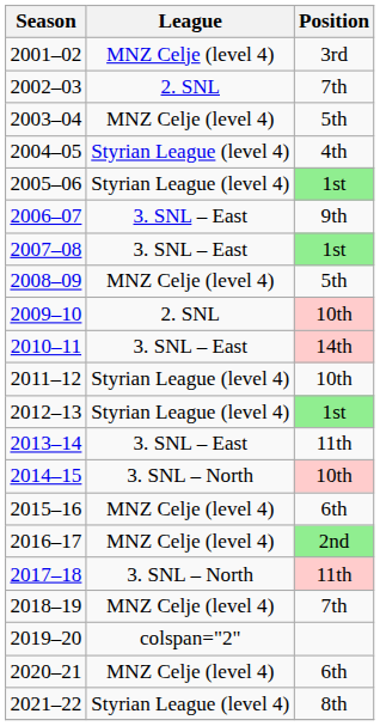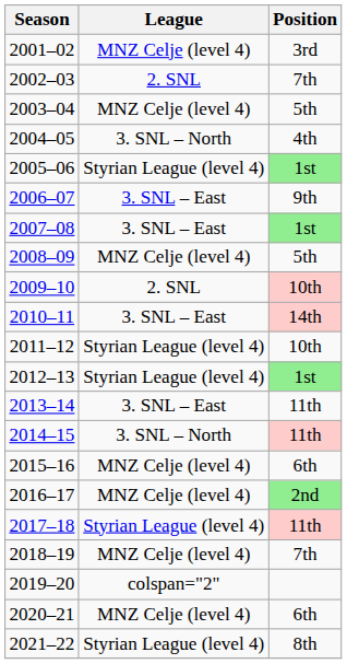 <table class="wikitable" style="text-align: center">
 <tr>
 <th>Season</th>
 <th>League</th>
 <th>Position</th>
 </tr>
 <tr>
 <td>2001–02</td>
 <td><a href='#'>MNZ Celje</a> (level 4)</td>
 <td>3rd</td>
 </tr>
 <tr>
 <td>2002–03</td>
 <td><a href='#'>2. SNL</a></td>
 <td>7th</td>
 </tr>
 <tr>
 <td>2003–04</td>
 <td>MNZ Celje (level 4)</td>
 <td>5th</td>
 </tr>
 <tr>
 <td>2004–05</td>
-<td><a href='#'>Styrian League</a> (level 4)</td>
+<td>3. SNL – North</td>
 <td>4th</td>
 </tr>
 <tr>
 <td>2005–06</td>
 <td>Styrian League (level 4)</td>
 <td style="background: #90EE90;">1st</td>
 </tr>
 <tr>
 <td><a href='#'>2006–07</a></td>
 <td><a href='#'>3. SNL</a> – East</td>
 <td>9th</td>
 </tr>
 <tr>
 <td><a href='#'>2007–08</a></td>
 <td>3. SNL – East</td>
 <td style="background: #90EE90;">1st</td>
 </tr>
 <tr>
 <td><a href='#'>2008–09</a></td>
 <td>MNZ Celje (level 4)</td>
 <td>5th</td>
 </tr>
 <tr>
 <td><a href='#'>2009–10</a></td>
 <td>2. SNL</td>
 <td style="background: #FFCCCC;">10th</td>
 </tr>
 <tr>
 <td><a href='#'>2010–11</a></td>
 <td>3. SNL – East</td>
 <td style="background: #FFCCCC;">14th</td>
 </tr>
 <tr>
 <td>2011–12</td>
 <td>Styrian League (level 4)</td>
 <td>10th</td>
 </tr>
 <tr>
 <td>2012–13</td>
 <td>Styrian League (level 4)</td>
 <td style="background: #90EE90;">1st</td>
 </tr>
 <tr>
 <td><a href='#'>2013–14</a></td>
 <td>3. SNL – East</td>
 <td>11th</td>
 </tr>
 <tr>
 <td><a href='#'>2014–15</a></td>
 <td>3. SNL – North</td>
-<td style="background: #FFCCCC;">10th</td>
+<td style="background: #FFCCCC;">11th</td>
 </tr>
 <tr>
 <td>2015–16</td>
 <td>MNZ Celje (level 4)</td>
 <td>6th</td>
 </tr>
 <tr>
 <td>2016–17</td>
 <td>MNZ Celje (level 4)</td>
 <td style="background: #90EE90;">2nd</td>
 </tr>
 <tr>
 <td><a href='#'>2017–18</a></td>
-<td>3. SNL – North</td>
+<td><a href='#'>Styrian League</a> (level 4)</td>
 <td style="background: #FFCCCC;">11th</td>
 </tr>
 <tr>
 <td>2018–19</td>
 <td>MNZ Celje (level 4)</td>
 <td>7th</td>
 </tr>
 <tr>
 <td>2019–20</td>
 <td>colspan="2" </td>
 </tr>
 <tr>
 <td>2020–21</td>
 <td>MNZ Celje (level 4)</td>
 <td>6th</td>
 </tr>
 <tr>
 <td>2021–22</td>
 <td>Styrian League (level 4)</td>
 <td>8th</td>
 </tr>
 <tr>
 </tr>
 </table>
